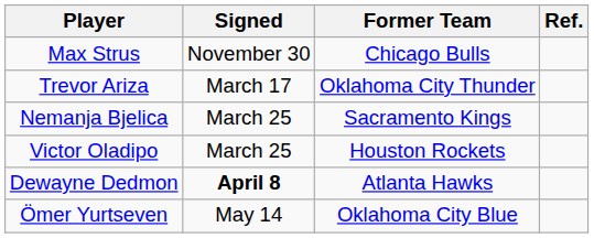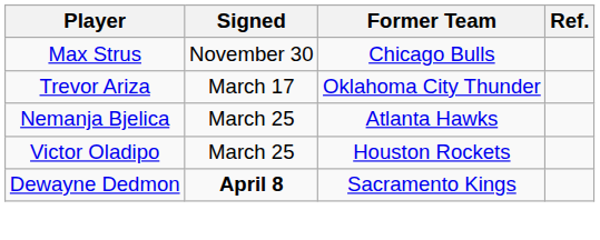 <table class="wikitable sortable sortable" style="text-align: center;">
 <tr>
 <th>Player</th>
 <th>Signed</th>
 <th>Former Team</th>
 <th>Ref.</th>
 </tr>
 <tr>
 <td><a href='#'>Max Strus</a></td>
 <td>November 30</td>
 <td><a href='#'>Chicago Bulls</a></td>
 <td></td>
 </tr>
 <tr>
 <td><a href='#'>Trevor Ariza</a></td>
 <td>March 17</td>
 <td><a href='#'>Oklahoma City Thunder</a></td>
 <td></td>
 </tr>
 <tr>
 <td><a href='#'>Nemanja Bjelica</a></td>
 <td>March 25</td>
-<td><a href='#'>Sacramento Kings</a></td>
+<td><a href='#'>Atlanta Hawks</a></td>
 <td></td>
 </tr>
 <tr>
 <td><a href='#'>Victor Oladipo</a></td>
 <td>March 25</td>
 <td><a href='#'>Houston Rockets</a></td>
 <td></td>
 </tr>
 <tr>
 <td><a href='#'>Dewayne Dedmon</a></td>
 <td><strong>April 8</strong></td>
-<td><a href='#'>Atlanta Hawks</a></td>
-<td></td>
-</tr>
-<tr>
-<td><a href='#'>Ӧmer Yurtseven</a></td>
-<td>May 14</td>
-<td><a href='#'>Oklahoma City Blue</a></td>
+<td><a href='#'>Sacramento Kings</a></td>
 <td></td>
 </tr>
 </table>
